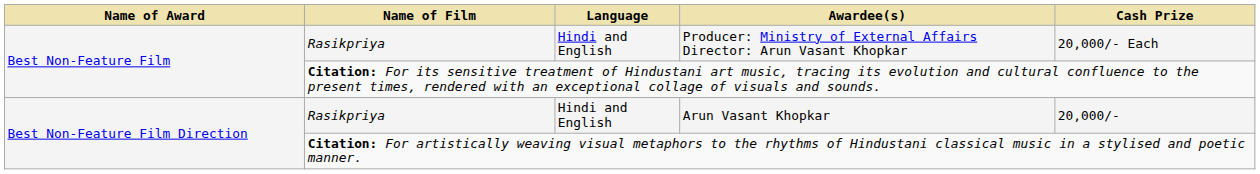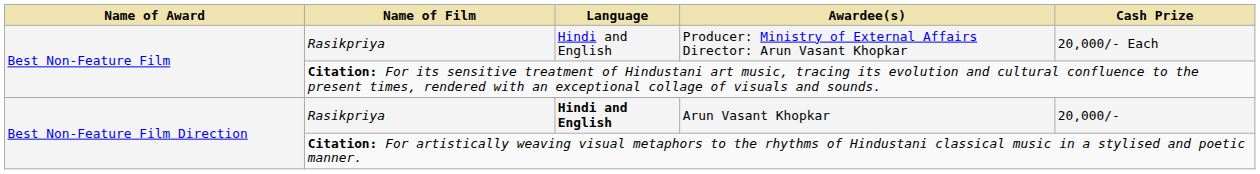 <table class="wikitable" style="width:100%;">
 <tr>
 <th style="background-color:#EFE4B0;width:24%;">Name of Award</th>
 <th style="background-color:#EFE4B0;width:20%;">Name of Film</th>
 <th style="background-color:#EFE4B0;width:10%;">Language</th>
 <th style="background-color:#EFE4B0;width:30%;">Awardee(s)</th>
 <th style="background-color:#EFE4B0;width:16%;">Cash Prize</th>
 </tr>
 <tr style="background-color:#F4F4F4">
 <td rowspan="2"><a href='#'>Best Non-Feature Film</a></td>
 <td><em>Rasikpriya</em></td>
 <td><a href='#'>Hindi</a> and English</td>
 <td>Producer: <a href='#'>Ministry of External Affairs</a><br>Director: Arun Vasant Khopkar</td>
 <td> 20,000/- Each</td>
 </tr>
 <tr style="background-color:#F9F9F9">
 <td colspan="4"><strong>Citation:</strong> <em>For its sensitive treatment of Hindustani art music, tracing its evolution and cultural confluence to the present times, rendered with an exceptional collage of visuals and sounds.</em></td>
 </tr>
 <tr style="background-color:#F4F4F4">
 <td rowspan="2"><a href='#'>Best Non-Feature Film Direction</a></td>
 <td><em>Rasikpriya</em></td>
-<td>Hindi and English</td>
+<td><strong>Hindi and English</strong></td>
 <td>Arun Vasant Khopkar</td>
 <td> 20,000/-</td>
 </tr>
 <tr style="background-color:#F9F9F9">
 <td colspan="4"><strong>Citation:</strong> <em>For artistically weaving visual metaphors to the rhythms of Hindustani classical music in a stylised and poetic manner.</em></td>
 </tr>
 </table>
